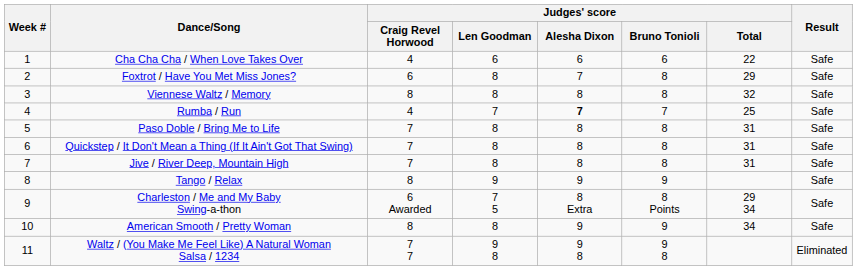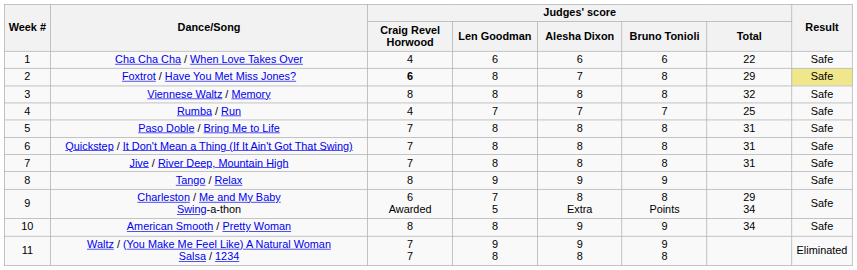 <table class="wikitable">
 <tr>
 <th rowspan="2">Week #</th>
 <th rowspan="2">Dance/Song</th>
 <th colspan="5">Judges' score</th>
 <th rowspan="2">Result</th>
 </tr>
 <tr>
 <th width="10%">Craig Revel Horwood</th>
 <th width="10%">Len Goodman</th>
 <th width="10%">Alesha Dixon</th>
 <th width="10%">Bruno Tonioli</th>
 <th width="10%">Total</th>
 </tr>
 <tr>
 <td align="center">1</td>
 <td align="center"><a href='#'>Cha Cha Cha</a> / <a href='#'>When Love Takes Over</a></td>
 <td align="center">4</td>
 <td align="center">6</td>
 <td align="center">6</td>
 <td align="center">6</td>
 <td align="center">22</td>
 <td align="center">Safe</td>
 </tr>
 <tr>
 <td align="center">2</td>
 <td align="center"><a href='#'>Foxtrot</a> / <a href='#'>Have You Met Miss Jones?</a></td>
-<td align="center">6</td>
+<td align="center"><strong>6</strong></td>
 <td align="center">8</td>
 <td align="center">7</td>
 <td align="center">8</td>
 <td align="center">29</td>
-<td align="center">Safe</td>
+<td align="center" style="background: khaki;">Safe</td>
 </tr>
 <tr>
 <td align="center">3</td>
 <td align="center"><a href='#'>Viennese Waltz</a> / <a href='#'>Memory</a></td>
 <td align="center">8</td>
 <td align="center">8</td>
 <td align="center">8</td>
 <td align="center">8</td>
 <td align="center">32</td>
 <td align="center">Safe</td>
 </tr>
 <tr>
 <td align="center">4</td>
 <td align="center"><a href='#'>Rumba</a> / <a href='#'>Run</a></td>
 <td align="center">4</td>
 <td align="center">7</td>
-<td align="center"><strong>7</strong></td>
+<td align="center">7</td>
 <td align="center">7</td>
 <td align="center">25</td>
 <td align="center">Safe</td>
 </tr>
 <tr>
 <td align="center">5</td>
 <td align="center"><a href='#'>Paso Doble</a> / <a href='#'>Bring Me to Life</a></td>
 <td align="center">7</td>
 <td align="center">8</td>
 <td align="center">8</td>
 <td align="center">8</td>
 <td align="center">31</td>
 <td align="center">Safe</td>
 </tr>
 <tr>
 <td align="center">6</td>
 <td align="center"><a href='#'>Quickstep</a> / <a href='#'>It Don't Mean a Thing (If It Ain't Got That Swing)</a></td>
 <td align="center">7</td>
 <td align="center">8</td>
 <td align="center">8</td>
 <td align="center">8</td>
 <td align="center">31</td>
 <td align="center">Safe</td>
 </tr>
 <tr>
 <td align="center">7</td>
 <td align="center"><a href='#'>Jive</a> / <a href='#'>River Deep, Mountain High</a></td>
 <td align="center">7</td>
 <td align="center">8</td>
 <td align="center">8</td>
 <td align="center">8</td>
 <td align="center">31</td>
 <td align="center">Safe</td>
 </tr>
 <tr>
 <td align="center">8</td>
 <td align="center"><a href='#'>Tango</a> / <a href='#'>Relax</a></td>
 <td align="center">8</td>
 <td align="center">9</td>
 <td align="center">9</td>
 <td align="center">9</td>
 <td align="center"></td>
 <td align="center">Safe</td>
 </tr>
 <tr>
 <td align="center">9</td>
 <td align="center"><a href='#'>Charleston</a> / <a href='#'>Me and My Baby</a> <br> <a href='#'>Swing</a>-a-thon</td>
 <td align="center">6 <br> Awarded</td>
 <td align="center">7 <br> 5</td>
 <td align="center">8 <br> Extra</td>
 <td align="center">8 <br> Points</td>
 <td align="center">29<br>34</td>
 <td align="center">Safe</td>
 </tr>
 <tr>
 <td align="center">10</td>
 <td align="center"><a href='#'>American Smooth</a> / <a href='#'>Pretty Woman</a></td>
 <td align="center">8</td>
 <td align="center">8</td>
 <td align="center">9</td>
 <td align="center">9</td>
 <td align="center">34</td>
 <td align="center">Safe</td>
 </tr>
 <tr>
 <td align="center">11</td>
 <td align="center"><a href='#'>Waltz</a> / <a href='#'>(You Make Me Feel Like) A Natural Woman</a> <br> <a href='#'>Salsa</a> / <a href='#'>1234</a></td>
 <td align="center">7 <br>7</td>
 <td align="center">9 <br>8</td>
 <td align="center">9 <br>8</td>
 <td align="center">9 <br>8</td>
 <td align="center"> <br></td>
 <td align="center">Eliminated</td>
 </tr>
 </table>
